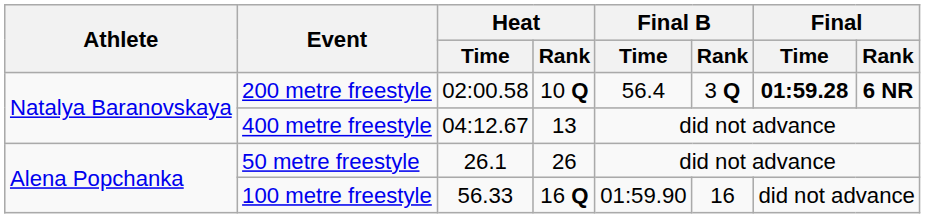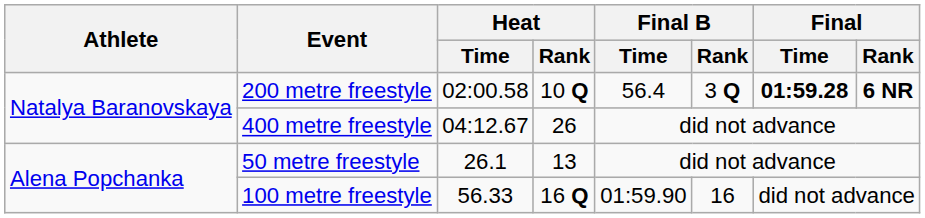 <table class=wikitable style="font-size:90%">
 <tr>
 <th rowspan="2">Athlete</th>
 <th rowspan="2">Event</th>
 <th colspan="2">Heat</th>
 <th colspan="2">Final B</th>
 <th colspan="2">Final</th>
 </tr>
 <tr style="font-size:95%">
 <th>Time</th>
 <th>Rank</th>
 <th>Time</th>
 <th>Rank</th>
 <th>Time</th>
 <th>Rank</th>
 </tr>
 <tr align=center>
 <td align=left rowspan=2><a href='#'>Natalya Baranovskaya</a></td>
 <td align=left><a href='#'>200 metre freestyle</a></td>
 <td>02:00.58</td>
 <td>10 <strong>Q</strong></td>
 <td>56.4</td>
 <td>3 <strong>Q</strong></td>
 <td><strong>01:59.28</strong></td>
 <td><strong>6</strong> <strong>NR</strong></td>
 </tr>
 <tr align=center>
 <td align=left><a href='#'>400 metre freestyle</a></td>
 <td>04:12.67</td>
-<td>13</td>
+<td>26</td>
 <td colspan=4>did not advance</td>
 </tr>
 <tr align=center>
 <td align=left rowspan=2><a href='#'>Alena Popchanka</a></td>
 <td align=left><a href='#'>50 metre freestyle</a></td>
 <td>26.1</td>
-<td>26</td>
+<td>13</td>
 <td colspan=4>did not advance</td>
 </tr>
 <tr align=center>
 <td align=left><a href='#'>100 metre freestyle</a></td>
 <td>56.33</td>
 <td>16 <strong>Q</strong></td>
 <td>01:59.90</td>
 <td>16</td>
 <td colspan=2>did not advance</td>
 </tr>
 </table>
